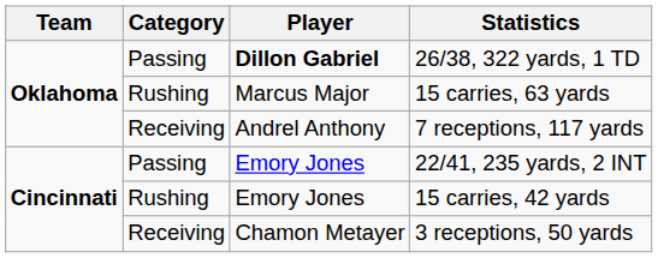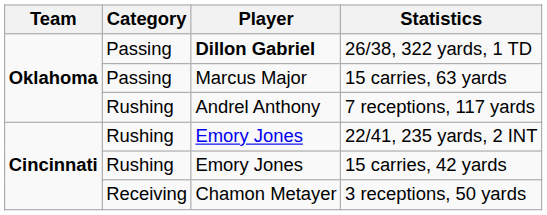 <table class="wikitable" style="float: right;">
 <tr>
 <th>Team</th>
 <th>Category</th>
 <th>Player</th>
 <th>Statistics</th>
 </tr>
 <tr>
 <td rowspan=3><strong>Oklahoma</strong></td>
 <td>Passing</td>
 <td><strong>Dillon Gabriel</strong></td>
 <td>26/38, 322 yards, 1 TD</td>
 </tr>
 <tr>
-<td>Rushing</td>
+<td>Passing</td>
 <td>Marcus Major</td>
 <td>15 carries, 63 yards</td>
 </tr>
 <tr>
-<td>Receiving</td>
+<td>Rushing</td>
 <td>Andrel Anthony</td>
 <td>7 receptions, 117 yards</td>
 </tr>
 <tr>
 <td rowspan=3><strong>Cincinnati</strong></td>
-<td>Passing</td>
+<td>Rushing</td>
 <td><a href='#'>Emory Jones</a></td>
 <td>22/41, 235 yards, 2 INT</td>
 </tr>
 <tr>
 <td>Rushing</td>
 <td>Emory Jones</td>
 <td>15 carries, 42 yards</td>
 </tr>
 <tr>
 <td>Receiving</td>
 <td>Chamon Metayer</td>
 <td>3 receptions, 50 yards</td>
 </tr>
 </table>
